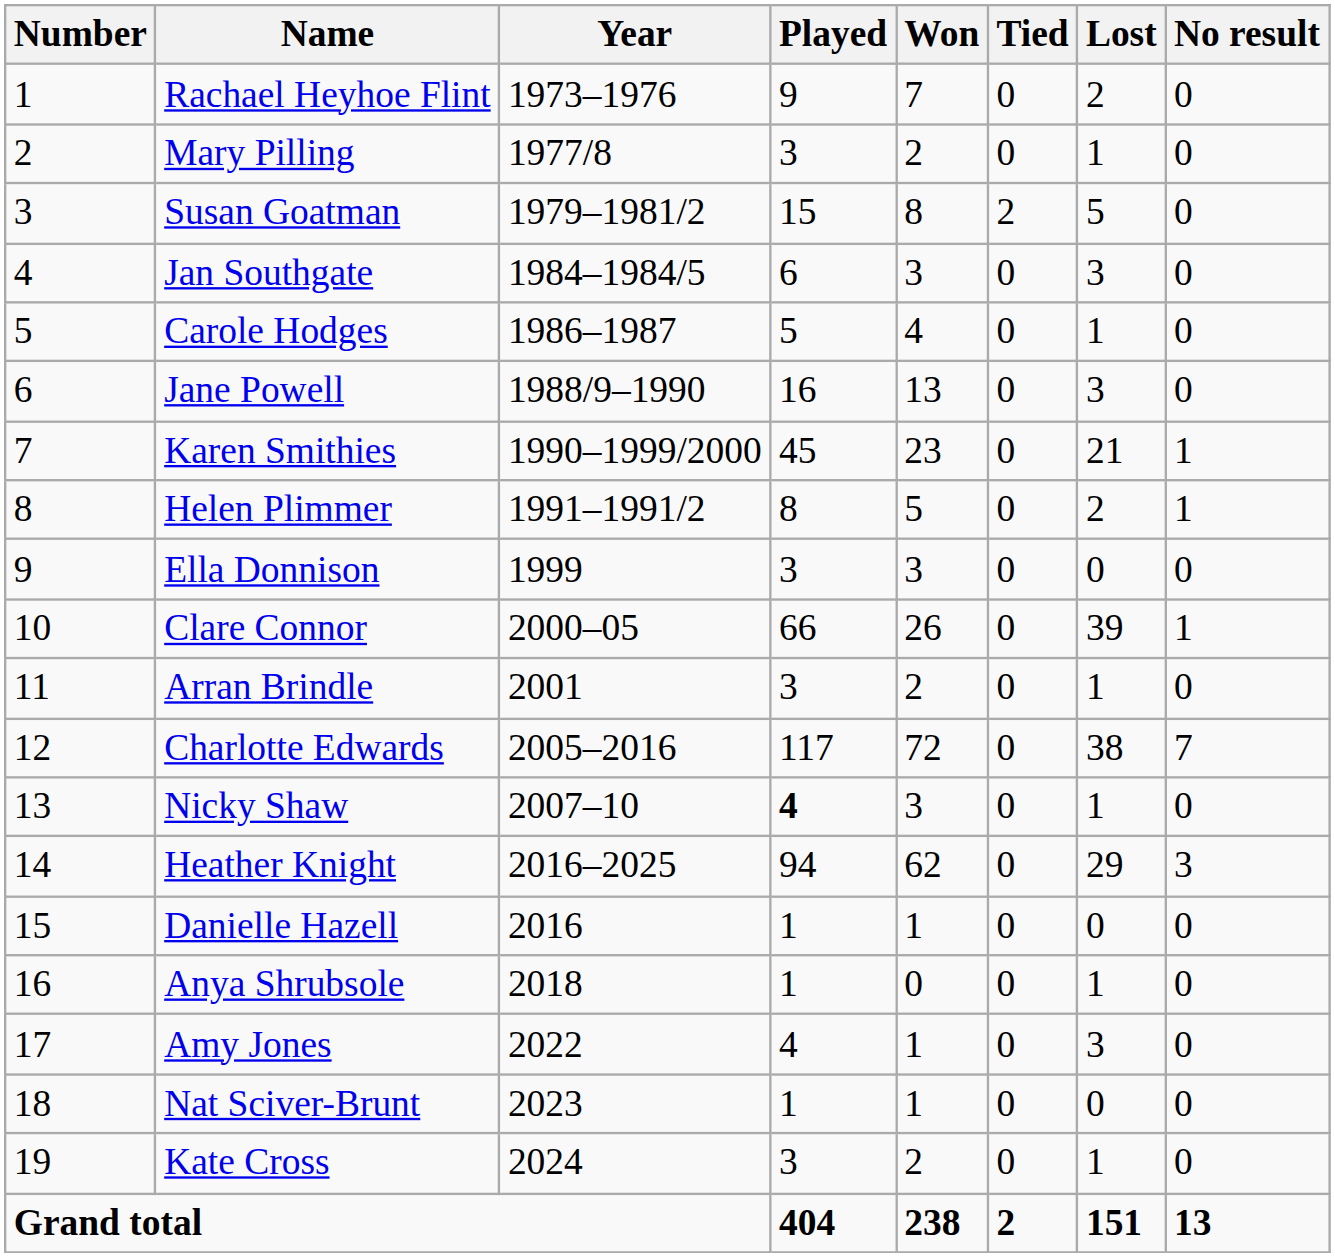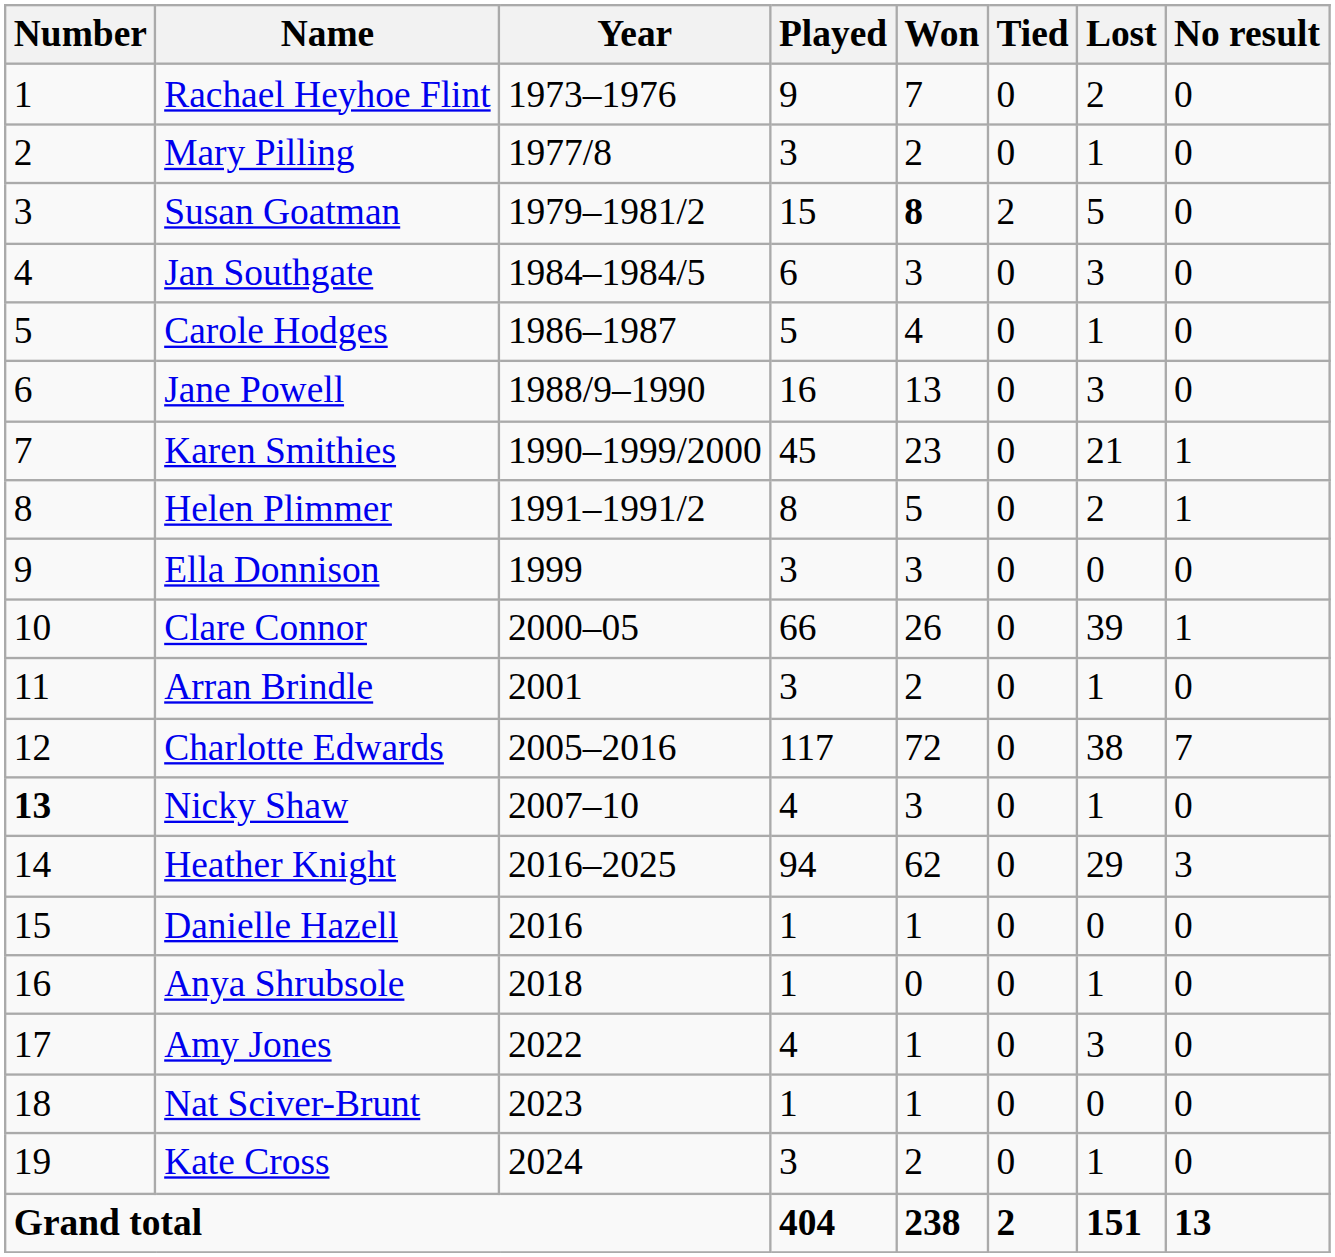 <table class="wikitable">
 <tr>
 <th>Number</th>
 <th>Name</th>
 <th>Year</th>
 <th>Played</th>
 <th>Won</th>
 <th>Tied</th>
 <th>Lost</th>
 <th>No result</th>
 </tr>
 <tr>
 <td>1</td>
 <td><a href='#'>Rachael Heyhoe Flint</a></td>
 <td>1973–1976</td>
 <td>9</td>
 <td>7</td>
 <td>0</td>
 <td>2</td>
 <td>0</td>
 </tr>
 <tr>
 <td>2</td>
 <td><a href='#'>Mary Pilling</a></td>
 <td>1977/8</td>
 <td>3</td>
 <td>2</td>
 <td>0</td>
 <td>1</td>
 <td>0</td>
 </tr>
 <tr>
 <td>3</td>
 <td><a href='#'>Susan Goatman</a></td>
 <td>1979–1981/2</td>
 <td>15</td>
-<td>8</td>
+<td><strong>8</strong></td>
 <td>2</td>
 <td>5</td>
 <td>0</td>
 </tr>
 <tr>
 <td>4</td>
 <td><a href='#'>Jan Southgate</a></td>
 <td>1984–1984/5</td>
 <td>6</td>
 <td>3</td>
 <td>0</td>
 <td>3</td>
 <td>0</td>
 </tr>
 <tr>
 <td>5</td>
 <td><a href='#'>Carole Hodges</a></td>
 <td>1986–1987</td>
 <td>5</td>
 <td>4</td>
 <td>0</td>
 <td>1</td>
 <td>0</td>
 </tr>
 <tr>
 <td>6</td>
 <td><a href='#'>Jane Powell</a></td>
 <td>1988/9–1990</td>
 <td>16</td>
 <td>13</td>
 <td>0</td>
 <td>3</td>
 <td>0</td>
 </tr>
 <tr>
 <td>7</td>
 <td><a href='#'>Karen Smithies</a></td>
 <td>1990–1999/2000</td>
 <td>45</td>
 <td>23</td>
 <td>0</td>
 <td>21</td>
 <td>1</td>
 </tr>
 <tr>
 <td>8</td>
 <td><a href='#'>Helen Plimmer</a></td>
 <td>1991–1991/2</td>
 <td>8</td>
 <td>5</td>
 <td>0</td>
 <td>2</td>
 <td>1</td>
 </tr>
 <tr>
 <td>9</td>
 <td><a href='#'>Ella Donnison</a></td>
 <td>1999</td>
 <td>3</td>
 <td>3</td>
 <td>0</td>
 <td>0</td>
 <td>0</td>
 </tr>
 <tr>
 <td>10</td>
 <td><a href='#'>Clare Connor</a></td>
 <td>2000–05</td>
 <td>66</td>
 <td>26</td>
 <td>0</td>
 <td>39</td>
 <td>1</td>
 </tr>
 <tr>
 <td>11</td>
 <td><a href='#'>Arran Brindle</a></td>
 <td>2001</td>
 <td>3</td>
 <td>2</td>
 <td>0</td>
 <td>1</td>
 <td>0</td>
 </tr>
 <tr>
 <td>12</td>
 <td><a href='#'>Charlotte Edwards</a></td>
 <td>2005–2016</td>
 <td>117</td>
 <td>72</td>
 <td>0</td>
 <td>38</td>
 <td>7</td>
 </tr>
 <tr>
-<td>13</td>
+<td><strong>13</strong></td>
 <td><a href='#'>Nicky Shaw</a></td>
 <td>2007–10</td>
-<td><strong>4</strong></td>
+<td>4</td>
 <td>3</td>
 <td>0</td>
 <td>1</td>
 <td>0</td>
 </tr>
 <tr>
 <td>14</td>
 <td><a href='#'>Heather Knight</a></td>
 <td>2016–2025</td>
 <td>94</td>
 <td>62</td>
 <td>0</td>
 <td>29</td>
 <td>3</td>
 </tr>
 <tr>
 <td>15</td>
 <td><a href='#'>Danielle Hazell</a></td>
 <td>2016</td>
 <td>1</td>
 <td>1</td>
 <td>0</td>
 <td>0</td>
 <td>0</td>
 </tr>
 <tr>
 <td>16</td>
 <td><a href='#'>Anya Shrubsole</a></td>
 <td>2018</td>
 <td>1</td>
 <td>0</td>
 <td>0</td>
 <td>1</td>
 <td>0</td>
 </tr>
 <tr>
 <td>17</td>
 <td><a href='#'>Amy Jones</a></td>
 <td>2022</td>
 <td>4</td>
 <td>1</td>
 <td>0</td>
 <td>3</td>
 <td>0</td>
 </tr>
 <tr>
 <td>18</td>
 <td><a href='#'>Nat Sciver-Brunt</a></td>
 <td>2023</td>
 <td>1</td>
 <td>1</td>
 <td>0</td>
 <td>0</td>
 <td>0</td>
 </tr>
 <tr>
 <td>19</td>
 <td><a href='#'>Kate Cross</a></td>
 <td>2024</td>
 <td>3</td>
 <td>2</td>
 <td>0</td>
 <td>1</td>
 <td>0</td>
 </tr>
 <tr>
 <td colspan=3><strong>Grand total</strong></td>
 <td><strong>404</strong></td>
 <td><strong>238</strong></td>
 <td><strong>2</strong></td>
 <td><strong>151</strong></td>
 <td><strong>13</strong></td>
 </tr>
 </table>
